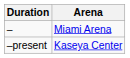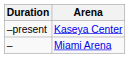 <table class="wikitable" style="font-size:95%;" style="text-align:center;">
 <tr>
 <th>Duration</th>
 <th>Arena</th>
 </tr>
 <tr>
+<td>–present</td>
+<td><a href='#'>Kaseya Center</a></td>
+</tr>
+<tr>
 <td>–</td>
 <td><a href='#'>Miami Arena</a></td>
 </tr>
-<tr>
-<td>–present</td>
-<td><a href='#'>Kaseya Center</a></td>
-</tr>
 </table>
